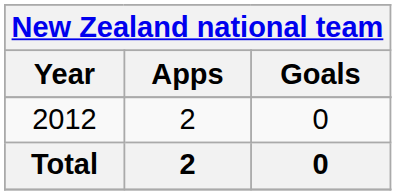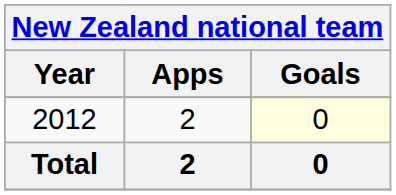 <table class="wikitable" style="text-align:center">
 <tr>
 <th colspan=3><a href='#'>New Zealand national team</a></th>
 </tr>
 <tr>
 <th>Year</th>
 <th>Apps</th>
 <th>Goals</th>
 </tr>
 <tr>
 </tr>
 <tr>
 <td>2012</td>
 <td>2</td>
-<td>0</td>
+<td style="background: lightyellow;">0</td>
 </tr>
 <tr>
 <th>Total</th>
 <th>2</th>
 <th>0</th>
 </tr>
 <tr>
 </tr>
 </table>
